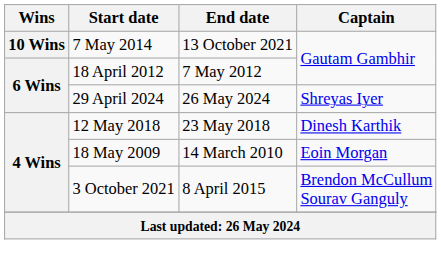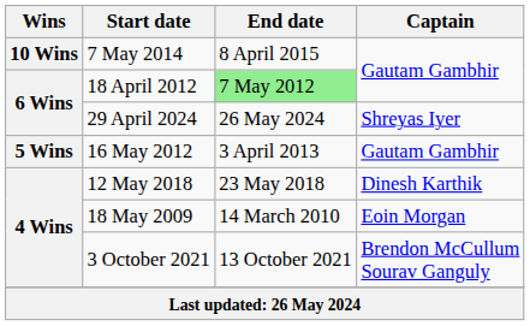 <table class="wikitable sortable" style="text-align:left;font-size:96%;">
 <tr>
 <th>Wins</th>
 <th>Start date</th>
 <th>End date</th>
 <th>Captain</th>
 </tr>
 <tr>
 <th scope=row style=text-align:center;>10 Wins</th>
 <td>7 May 2014</td>
-<td>13 October 2021</td>
+<td>8 April 2015</td>
 <td rowspan=2><a href='#'>Gautam Gambhir</a></td>
 </tr>
 <tr>
 <th scope=row style=text-align:center; rowspan=2>6 Wins</th>
 <td>18 April 2012</td>
-<td>7 May 2012</td>
+<td style="background: lightgreen;">7 May 2012</td>
 </tr>
 <tr>
 <td>29 April 2024</td>
 <td>26 May 2024</td>
 <td><a href='#'>Shreyas Iyer</a></td>
+</tr>
+<tr>
+<th scope=row style=text-align:center;>5 Wins</th>
+<td>16 May 2012</td>
+<td>3 April 2013</td>
+<td><a href='#'>Gautam Gambhir</a></td>
 </tr>
 <tr>
 <th scope=row style=text-align:center; rowspan=3>4 Wins</th>
 <td>12 May 2018</td>
 <td>23 May 2018</td>
 <td><a href='#'>Dinesh Karthik</a></td>
 </tr>
 <tr>
 <td>18 May 2009</td>
 <td>14 March 2010</td>
 <td><a href='#'>Eoin Morgan</a></td>
 </tr>
 <tr>
 <td>3 October 2021</td>
-<td>8 April 2015</td>
+<td>13 October 2021</td>
 <td><a href='#'>Brendon McCullum</a><br><a href='#'>Sourav Ganguly</a></td>
 </tr>
 <tr>
 </tr>
 <tr class="sortbottom">
 <th colspan="4"><small>Last updated: 26 May 2024</small></th>
 </tr>
 </table>
